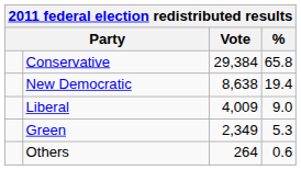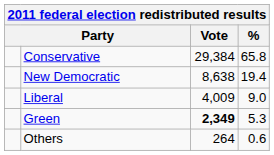 <table class="wikitable">
 <tr>
 <th colspan="4"><a href='#'>2011 federal election</a> redistributed results</th>
 </tr>
 <tr>
 <th bgcolor="#DDDDFF" width="130px" colspan="2">Party</th>
 <th bgcolor="#DDDDFF" width="50px">Vote</th>
 <th bgcolor="#DDDDFF" width="30px">%</th>
 </tr>
 <tr>
 <td> </td>
 <td><a href='#'>Conservative</a></td>
 <td align="right">29,384</td>
 <td align="right">65.8</td>
 </tr>
 <tr>
 <td> </td>
 <td><a href='#'>New Democratic</a></td>
 <td align="right">8,638</td>
 <td align="right">19.4</td>
 </tr>
 <tr>
 <td> </td>
 <td><a href='#'>Liberal</a></td>
 <td align="right">4,009</td>
 <td align="right">9.0</td>
 </tr>
 <tr>
 <td> </td>
 <td><a href='#'>Green</a></td>
-<td align="right">2,349</td>
+<td align="right"><strong>2,349</strong></td>
 <td align="right">5.3</td>
 </tr>
 <tr>
 <td> </td>
 <td>Others</td>
 <td align="right">264</td>
 <td align="right">0.6</td>
 </tr>
 </table>
